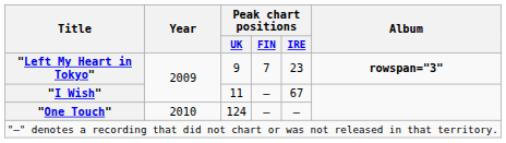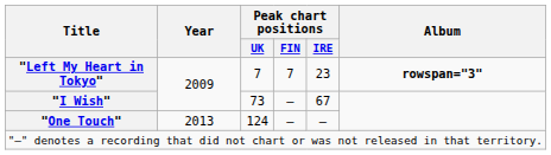 <table class="wikitable plainrowheaders" style="text-align:center;">
 <tr>
 <th scope="col" rowspan="2" style="width:12em;">Title</th>
 <th scope="col" rowspan="2">Year</th>
 <th scope="col" colspan="3">Peak chart positions</th>
 <th scope="col" rowspan="2">Album</th>
 </tr>
 <tr>
 <th style="width:2.5em;font-size:90%"><a href='#'>UK</a></th>
 <th style="width:2.5em;font-size:90%"><a href='#'>FIN</a></th>
 <th style="width:2.5em;font-size:90%"><a href='#'>IRE</a></th>
 </tr>
 <tr>
 <th scope="row">"<a href='#'>Left My Heart in Tokyo</a>"</th>
 <td rowspan="2">2009</td>
-<td>9</td>
+<td>7</td>
 <td>7</td>
 <td>23</td>
 <td><strong>rowspan="3" </strong></td>
 </tr>
 <tr>
 <th scope="row">"<a href='#'>I Wish</a>"</th>
-<td>11</td>
+<td>73</td>
 <td>—</td>
 <td>67</td>
 </tr>
 <tr>
 <th scope="row">"<a href='#'>One Touch</a>"</th>
-<td>2010</td>
+<td>2013</td>
 <td>124</td>
 <td>—</td>
 <td>—</td>
 </tr>
 <tr>
 <td colspan="6" style="font-size:90%">"—" denotes a recording that did not chart or was not released in that territory.</td>
 </tr>
 </table>
